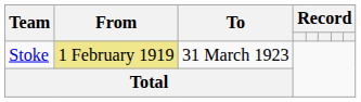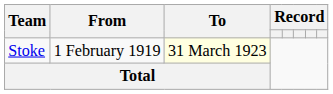 <table class="wikitable" style="text-align:center">
 <tr>
 <th rowspan="2">Team</th>
 <th rowspan="2">From</th>
 <th rowspan="2">To</th>
 <th colspan="5">Record</th>
 </tr>
 <tr>
 <th></th>
 <th></th>
 <th></th>
 <th></th>
 <th></th>
 </tr>
 <tr>
 <td align=left><a href='#'>Stoke</a></td>
-<td align=left style="background: khaki;">1 February 1919</td>
-<td align=left>31 March 1923<br></td>
+<td align=left>1 February 1919</td>
+<td align=left style="background: lightyellow;">31 March 1923<br></td>
 </tr>
 <tr>
 <th colspan="3">Total<br></th>
 </tr>
 </table>
